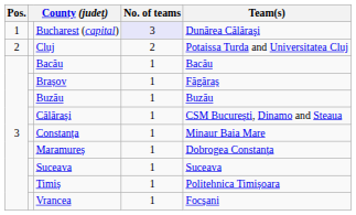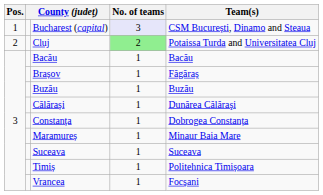 <table class="wikitable">
 <tr>
 <th>Pos.</th>
 <th colspan=2><a href='#'>County</a> <em>(județ)</em></th>
 <th>No. of teams</th>
 <th>Team(s)</th>
 </tr>
 <tr>
 <td align="center">1</td>
 <td align=center></td>
 <td><a href='#'>Bucharest</a> (<em><a href='#'>capital</a></em>)</td>
 <td align="center" style="background: lavender;">3</td>
-<td><a href='#'>Dunărea Călăraşi</a></td>
+<td><a href='#'>CSM București</a>, <a href='#'>Dinamo</a> and <a href='#'>Steaua</a></td>
 </tr>
 <tr>
 <td align="center">2</td>
 <td align=center></td>
 <td><a href='#'>Cluj</a></td>
-<td align="center">2</td>
+<td align="center" style="background: lightgreen;">2</td>
 <td><a href='#'>Potaissa Turda</a> and <a href='#'>Universitatea Cluj</a></td>
 </tr>
 <tr>
 <td rowspan="9" align="center">3</td>
 <td align=center></td>
 <td><a href='#'>Bacău</a></td>
 <td align="center">1</td>
 <td><a href='#'>Bacău</a></td>
 </tr>
 <tr>
 <td align=center></td>
 <td><a href='#'>Brașov</a></td>
 <td align="center">1</td>
 <td><a href='#'>Făgăraș</a></td>
 </tr>
 <tr>
 <td align=center></td>
 <td><a href='#'>Buzău</a></td>
 <td align="center">1</td>
 <td><a href='#'>Buzău</a></td>
 </tr>
 <tr>
 <td align=center></td>
 <td><a href='#'>Călărași</a></td>
 <td align="center">1</td>
-<td><a href='#'>CSM București</a>, <a href='#'>Dinamo</a> and <a href='#'>Steaua</a></td>
+<td><a href='#'>Dunărea Călăraşi</a></td>
 </tr>
 <tr>
 <td align=center></td>
 <td><a href='#'>Constanța</a></td>
 <td align="center">1</td>
-<td><a href='#'>Minaur Baia Mare</a></td>
+<td><a href='#'>Dobrogea Constanța</a></td>
 </tr>
 <tr>
 <td align=center></td>
 <td><a href='#'>Maramureș</a></td>
 <td align="center">1</td>
-<td><a href='#'>Dobrogea Constanța</a></td>
+<td><a href='#'>Minaur Baia Mare</a></td>
 </tr>
 <tr>
 <td align=center></td>
 <td><a href='#'>Suceava</a></td>
 <td align="center">1</td>
 <td><a href='#'>Suceava</a></td>
 </tr>
 <tr>
 <td align=center></td>
 <td><a href='#'>Timiș</a></td>
 <td align="center">1</td>
 <td><a href='#'>Politehnica Timișoara</a></td>
 </tr>
 <tr>
 <td align=center></td>
 <td><a href='#'>Vrancea</a></td>
 <td align="center">1</td>
 <td><a href='#'>Focșani</a></td>
 </tr>
 </table>
